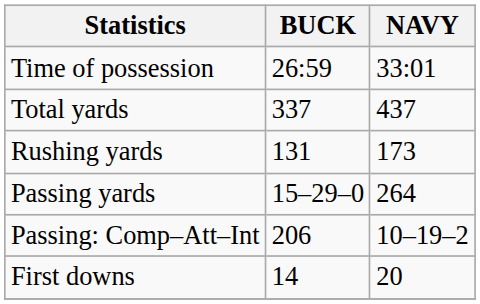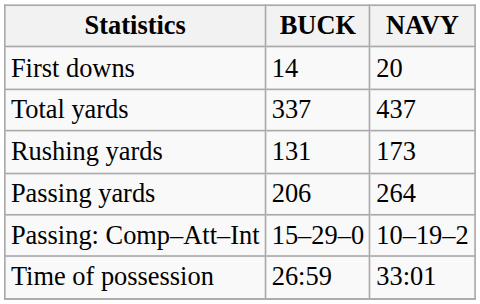 <table class="wikitable" style="float: left;">
 <tr>
 <th>Statistics</th>
 <th>BUCK</th>
 <th>NAVY</th>
 </tr>
 <tr>
-<td>Time of possession</td>
-<td>26:59</td>
-<td>33:01</td>
+<td>First downs</td>
+<td>14</td>
+<td>20</td>
 </tr>
 <tr>
 <td>Total yards</td>
 <td>337</td>
 <td>437</td>
 </tr>
 <tr>
 <td>Rushing yards</td>
 <td>131</td>
 <td>173</td>
 </tr>
 <tr>
 <td>Passing yards</td>
-<td>15–29–0</td>
+<td>206</td>
 <td>264</td>
 </tr>
 <tr>
 <td>Passing: Comp–Att–Int</td>
-<td>206</td>
+<td>15–29–0</td>
 <td>10–19–2</td>
 </tr>
 <tr>
-<td>First downs</td>
-<td>14</td>
-<td>20</td>
+<td>Time of possession</td>
+<td>26:59</td>
+<td>33:01</td>
 </tr>
 <tr>
 </tr>
 </table>
